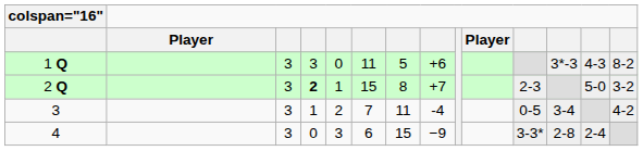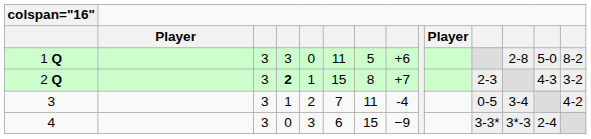 <table class=wikitable style=text-align:center>
 <tr>
 <th>colspan="16" </th>
 </tr>
 <tr>
 <th width=20 abbr=Position></th>
 <th width=175>Player</th>
 <th width=20 abbr=Played></th>
 <th width=20 abbr=Won></th>
 <th width=20 abbr=Lost></th>
 <th width=30 abbr=Points for></th>
 <th width=30 abbr=Points against></th>
 <th width=30 abbr=Points difference></th>
 <th rowspan="5" abbr=H2H></th>
 <th>Player</th>
 <th></th>
 <th></th>
 <th></th>
 <th></th>
 </tr>
 <tr bgcolor=#CCFFCC>
 <td>1  <strong>Q</strong></td>
 <td align=left></td>
 <td>3</td>
 <td>3</td>
 <td>0</td>
 <td>11</td>
 <td>5</td>
 <td>+6</td>
 <td></td>
 <td bgcolor="#dddddd"> </td>
-<td bgcolor="#efefef">3*-3</td>
-<td bgcolor="#efefef">4-3</td>
+<td bgcolor="#efefef">2-8</td>
+<td bgcolor="#efefef">5-0</td>
 <td bgcolor="#efefef">8-2</td>
 </tr>
 <tr bgcolor=#CCFFCC>
 <td>2 <strong>Q</strong></td>
 <td align=left></td>
 <td>3</td>
 <td><strong>2</strong></td>
 <td>1</td>
 <td>15</td>
 <td>8</td>
 <td>+7</td>
 <td></td>
 <td bgcolor="#efefef">2-3</td>
 <td bgcolor="#dddddd"> </td>
-<td bgcolor="#efefef">5-0</td>
+<td bgcolor="#efefef">4-3</td>
 <td bgcolor="#efefef">3-2</td>
 </tr>
 <tr>
 <td>3 </td>
 <td align=left></td>
 <td>3</td>
 <td>1</td>
 <td>2</td>
 <td>7</td>
 <td>11</td>
 <td>-4</td>
 <td></td>
 <td bgcolor="#efefef">0-5</td>
 <td bgcolor="#efefef">3-4</td>
 <td bgcolor="#dddddd"> </td>
 <td bgcolor="#efefef">4-2</td>
 </tr>
 <tr>
 <td>4 </td>
 <td align=left></td>
 <td>3</td>
 <td>0</td>
 <td>3</td>
 <td>6</td>
 <td>15</td>
 <td>−9</td>
 <td></td>
 <td bgcolor="#efefef">3-3*</td>
-<td bgcolor="#efefef">2-8</td>
+<td bgcolor="#efefef">3*-3</td>
 <td bgcolor="#efefef">2-4</td>
 <td bgcolor="#dddddd"> </td>
 </tr>
 </table>
